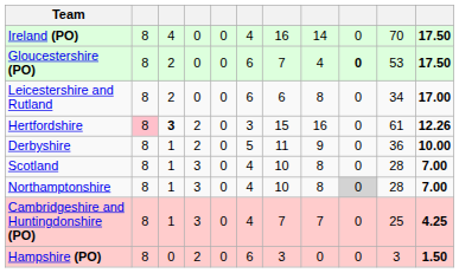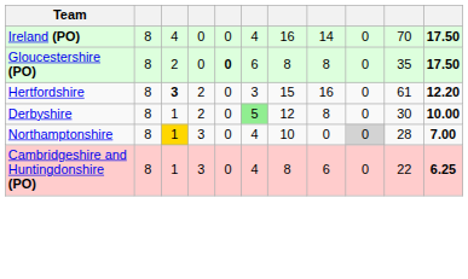 <table class="wikitable" style="text-align:center">
 <tr>
 <th width="150">Team</th>
 <th width="25"></th>
 <th width="25"></th>
 <th width="25"></th>
 <th width="25"></th>
 <th width="25"></th>
 <th width="40"></th>
 <th width="40"></th>
 <th width="40"></th>
 <th width="40"></th>
 <th width="40"></th>
 </tr>
 <tr style="background:#dfd;">
 <td style="text-align:left"><a href='#'>Ireland</a> <strong>(PO)</strong></td>
 <td>8</td>
 <td>4</td>
 <td>0</td>
 <td>0</td>
 <td>4</td>
 <td>16</td>
 <td>14</td>
 <td>0</td>
 <td>70</td>
 <td><strong>17.50</strong></td>
 </tr>
 <tr style="background:#dfd;">
 <td style="text-align:left"><a href='#'>Gloucestershire</a> <strong>(PO)</strong></td>
 <td>8</td>
 <td>2</td>
 <td>0</td>
+<td><strong>0</strong></td>
+<td>6</td>
+<td>8</td>
+<td>8</td>
 <td>0</td>
-<td>6</td>
-<td>7</td>
-<td>4</td>
-<td><strong>0</strong></td>
-<td>53</td>
+<td>35</td>
 <td><strong>17.50</strong></td>
 </tr>
 <tr>
-<td style="text-align:left"><a href='#'>Leicestershire and Rutland</a></td>
+<td style="text-align:left"><a href='#'>Hertfordshire</a></td>
 <td>8</td>
-<td>2</td>
-<td>0</td>
-<td>0</td>
-<td>6</td>
-<td>6</td>
-<td>8</td>
-<td>0</td>
-<td>34</td>
-<td><strong>17.00</strong></td>
-</tr>
-<tr>
-<td style="text-align:left"><a href='#'>Hertfordshire</a></td>
-<td style="background: pink;">8</td>
 <td><strong>3</strong></td>
 <td>2</td>
 <td>0</td>
 <td>3</td>
 <td>15</td>
 <td>16</td>
 <td>0</td>
 <td>61</td>
-<td><strong>12.26</strong></td>
+<td><strong>12.20</strong></td>
 </tr>
 <tr>
 <td style="text-align:left"><a href='#'>Derbyshire</a></td>
 <td>8</td>
 <td>1</td>
 <td>2</td>
 <td>0</td>
-<td>5</td>
-<td>11</td>
-<td>9</td>
+<td style="background: lightgreen;">5</td>
+<td>12</td>
+<td>8</td>
 <td>0</td>
-<td>36</td>
+<td>30</td>
 <td><strong>10.00</strong></td>
 </tr>
 <tr>
-<td style="text-align:left"><a href='#'>Scotland</a></td>
+<td style="text-align:left"><a href='#'>Northamptonshire</a></td>
 <td>8</td>
-<td>1</td>
+<td style="background: gold;">1</td>
 <td>3</td>
 <td>0</td>
 <td>4</td>
 <td>10</td>
-<td>8</td>
 <td>0</td>
-<td>28</td>
-<td><strong>7.00</strong></td>
-</tr>
-<tr>
-<td style="text-align:left"><a href='#'>Northamptonshire</a></td>
-<td>8</td>
-<td>1</td>
-<td>3</td>
-<td>0</td>
-<td>4</td>
-<td>10</td>
-<td>8</td>
 <td style="background: lightgrey;">0</td>
 <td>28</td>
 <td><strong>7.00</strong></td>
 </tr>
 <tr style="background:#FFCCCC">
 <td style="text-align:left"><a href='#'>Cambridgeshire and Huntingdonshire</a> <strong>(PO)</strong></td>
 <td>8</td>
 <td>1</td>
 <td>3</td>
 <td>0</td>
 <td>4</td>
-<td>7</td>
-<td>7</td>
+<td>8</td>
+<td>6</td>
 <td>0</td>
-<td>25</td>
-<td><strong>4.25</strong></td>
-</tr>
-<tr style="background:#FFCCCC">
-<td style="text-align:left"><a href='#'>Hampshire</a>  <strong>(PO)</strong></td>
-<td>8</td>
-<td>0</td>
-<td>2</td>
-<td>0</td>
-<td>6</td>
-<td>3</td>
-<td>0</td>
-<td>0</td>
-<td>3</td>
-<td><strong>1.50</strong></td>
+<td>22</td>
+<td><strong>6.25</strong></td>
 </tr>
 </table>
